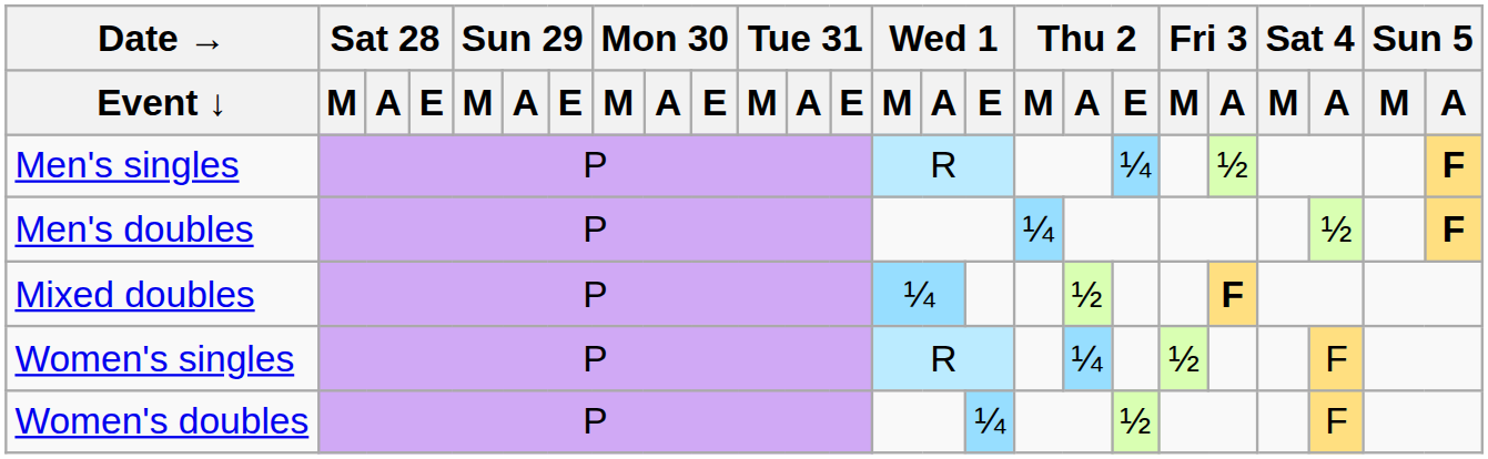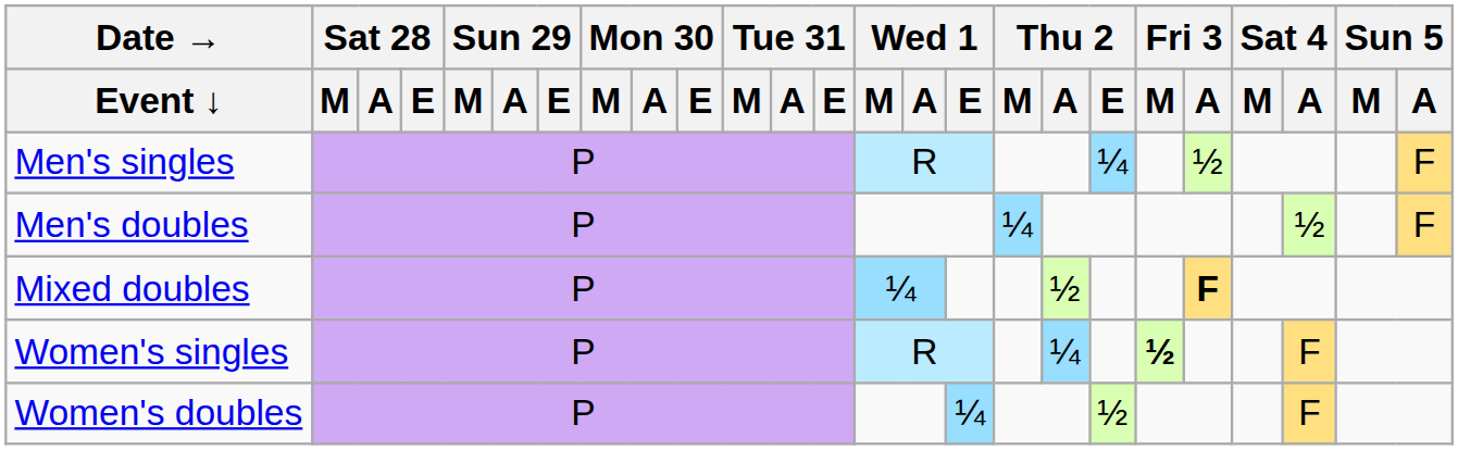 <table class="wikitable" style="margin:0.5em auto; font-size:90%; line-height:1.25em;">
 <tr style="text-align:center;">
 <th>Date →</th>
 <th colspan="3">Sat 28</th>
 <th colspan="3">Sun 29</th>
 <th colspan="3">Mon 30</th>
 <th colspan="3">Tue 31</th>
 <th colspan="3">Wed 1</th>
 <th colspan="3">Thu 2</th>
 <th colspan="2">Fri 3</th>
 <th colspan="2">Sat 4</th>
 <th colspan="2">Sun 5</th>
 </tr>
 <tr>
 <th>Event   ↓</th>
 <th>M</th>
 <th>A</th>
 <th>E</th>
 <th>M</th>
 <th>A</th>
 <th>E</th>
 <th>M</th>
 <th>A</th>
 <th>E</th>
 <th>M</th>
 <th>A</th>
 <th>E</th>
 <th>M</th>
 <th>A</th>
 <th>E</th>
 <th>M</th>
 <th>A</th>
 <th>E</th>
 <th>M</th>
 <th>A</th>
 <th>M</th>
 <th>A</th>
 <th>M</th>
 <th>A</th>
 </tr>
 <tr style="text-align:center;">
 <td style="text-align:left;"><a href='#'>Men's singles</a></td>
 <td colspan="12" style="background-color:#D0A9F5">P</td>
 <td colspan="3" style="background-color:#BBEBFF">R</td>
 <td colspan="2"></td>
 <td style="background-color:#97DEFF;">¼</td>
 <td></td>
 <td style="background-color:#D9FFB2;">½</td>
 <td colspan="2"></td>
 <td></td>
-<td style="background-color:#FFDF80;"><strong>F</strong></td>
+<td style="background-color:#FFDF80;">F</td>
 </tr>
 <tr style="text-align:center;">
 <td style="text-align:left;"><a href='#'>Men's doubles</a></td>
 <td colspan="12" style="background-color:#D0A9F5">P</td>
 <td colspan="3"></td>
 <td style="background-color:#97DEFF;">¼</td>
 <td colspan="2"></td>
 <td colspan="2"></td>
 <td></td>
 <td style="background-color:#D9FFB2;">½</td>
 <td></td>
-<td style="background-color:#FFDF80;"><strong>F</strong></td>
+<td style="background-color:#FFDF80;">F</td>
 </tr>
 <tr style="text-align:center;">
 <td style="text-align:left;"><a href='#'>Mixed doubles</a></td>
 <td colspan="12" style="background-color:#D0A9F5">P</td>
 <td colspan="2" style="background-color:#97DEFF">¼</td>
 <td></td>
 <td></td>
 <td style="background-color:#D9FFB2;">½</td>
 <td></td>
 <td></td>
 <td style="background-color:#FFDF80;"><strong>F</strong></td>
 <td colspan="2"></td>
 <td colspan="2"></td>
 </tr>
 <tr style="text-align:center;">
 <td style="text-align:left;"><a href='#'>Women's singles</a></td>
 <td colspan="12" style="background-color:#D0A9F5">P</td>
 <td colspan="3" style="background-color:#BBEBFF">R</td>
 <td></td>
 <td style="background-color:#97DEFF;">¼</td>
 <td></td>
-<td style="background-color:#D9FFB2;">½</td>
+<td style="background-color:#D9FFB2;"><strong>½</strong></td>
 <td></td>
 <td></td>
 <td style="background-color:#FFDF80;">F</td>
 <td colspan="2"></td>
 </tr>
 <tr style="text-align:center;">
 <td style="text-align:left;"><a href='#'>Women's doubles</a></td>
 <td colspan="12" style="background-color:#D0A9F5">P</td>
 <td colspan="2"></td>
 <td style="background-color:#97DEFF;">¼</td>
 <td colspan="2"></td>
 <td style="background-color:#D9FFB2;">½</td>
 <td colspan="2"></td>
 <td></td>
 <td style="background-color:#FFDF80;">F</td>
 <td colspan="2"></td>
 </tr>
 </table>
